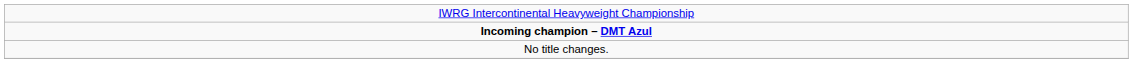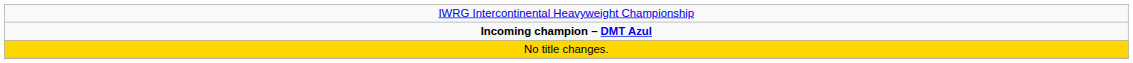 <table class="wikitable" style="text-align:center; width:100%;">
 <tr>
 <td colspan="4" style="text-align: center;"><a href='#'>IWRG Intercontinental Heavyweight Championship</a></td>
 </tr>
 <tr>
 <td colspan="4" style="text-align: center;"><strong>Incoming champion – <a href='#'>DMT Azul</a></strong></td>
 </tr>
 <tr>
-<td>No title changes.</td>
+<td style="background: gold;">No title changes.</td>
 </tr>
 <tr>
 </tr>
 </table>
